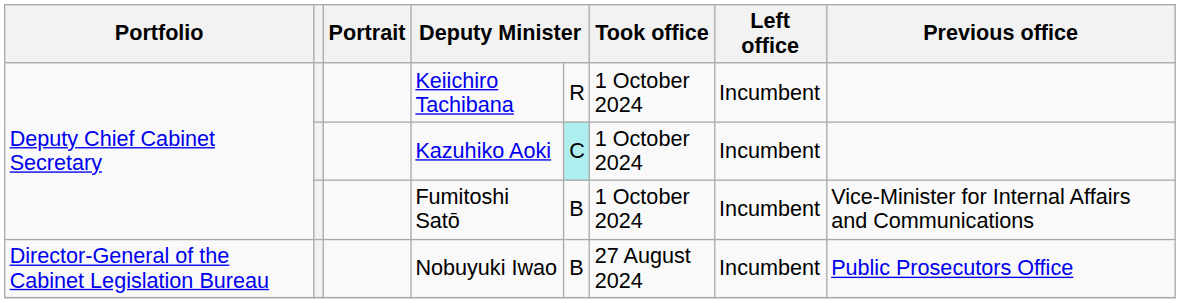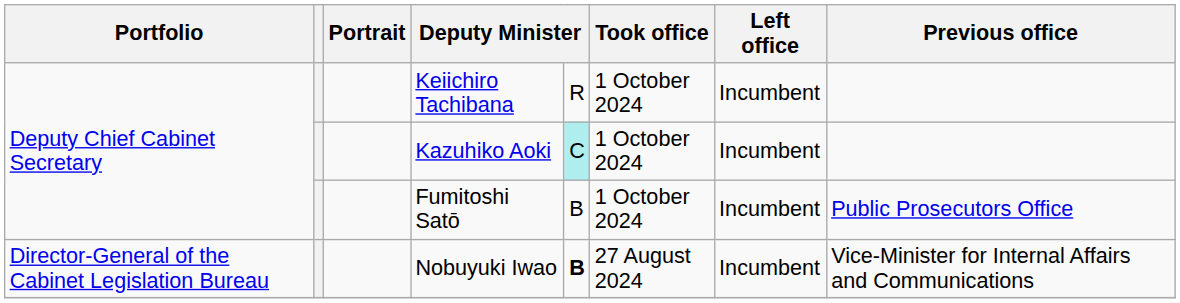 <table class="wikitable">
 <tr>
 <th>Portfolio</th>
 <th></th>
 <th>Portrait</th>
 <th colspan=2>Deputy Minister</th>
 <th>Took office</th>
 <th>Left office</th>
 <th>Previous office</th>
 </tr>
 <tr>
 <td rowspan=3><a href='#'>Deputy Chief Cabinet Secretary</a></td>
 <th style="color:inherit;background-color: "></th>
 <td style="text-align:center;"></td>
 <td><a href='#'>Keiichiro Tachibana</a></td>
 <td>R</td>
 <td>1 October 2024</td>
 <td>Incumbent</td>
 <td></td>
 </tr>
 <tr>
 <th style="color:inherit;background-color: "></th>
 <td style="text-align:center;"></td>
 <td><a href='#'>Kazuhiko Aoki</a></td>
 <td style="background: paleturquoise;">C</td>
 <td>1 October 2024</td>
 <td>Incumbent</td>
 <td></td>
 </tr>
 <tr>
 <th></th>
 <td style="text-align:center;"></td>
 <td>Fumitoshi Satō</td>
 <td>B</td>
 <td>1 October 2024</td>
 <td>Incumbent</td>
-<td>Vice-Minister for Internal Affairs and Communications</td>
+<td><a href='#'>Public Prosecutors Office</a></td>
 </tr>
 <tr>
 <td><a href='#'>Director-General of the Cabinet Legislation Bureau</a></td>
 <th></th>
 <td style="text-align:center;"></td>
 <td>Nobuyuki Iwao</td>
-<td>B</td>
+<td><strong>B</strong></td>
 <td>27 August 2024</td>
 <td>Incumbent</td>
-<td><a href='#'>Public Prosecutors Office</a></td>
+<td>Vice-Minister for Internal Affairs and Communications</td>
 </tr>
 <tr>
 </tr>
 </table>
